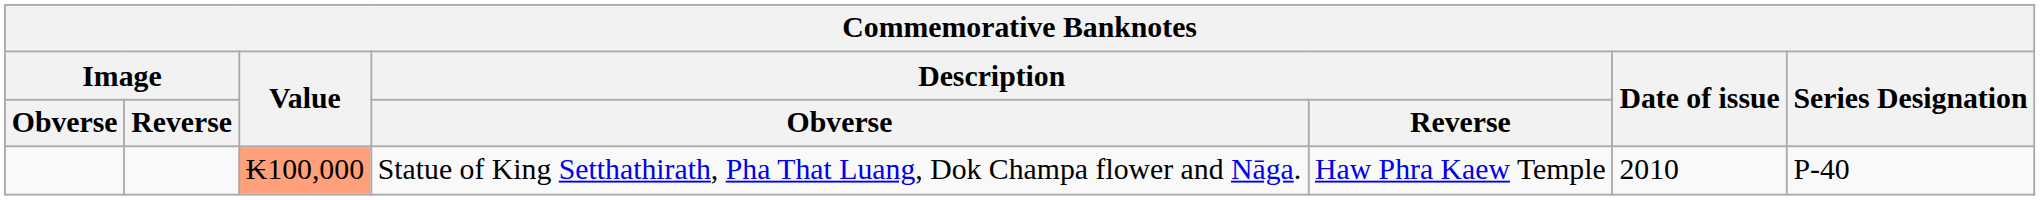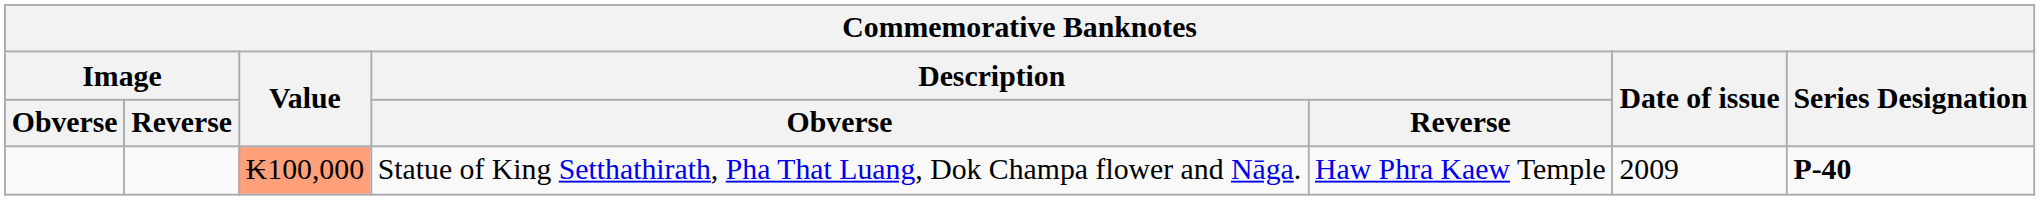 <table class="wikitable" style="font-size: 100%">
 <tr>
 <th colspan="10">Commemorative Banknotes</th>
 </tr>
 <tr>
 <th colspan="2">Image</th>
 <th rowspan="2">Value</th>
 <th colspan="2">Description</th>
 <th rowspan="2">Date of issue</th>
 <th rowspan="2">Series Designation</th>
 </tr>
 <tr>
 <th>Obverse</th>
 <th>Reverse</th>
 <th>Obverse</th>
 <th>Reverse</th>
 </tr>
 <tr>
 <td></td>
 <td></td>
 <td style="background: lightsalmon;">₭100,000</td>
 <td>Statue of King <a href='#'>Setthathirath</a>, <a href='#'>Pha That Luang</a>, Dok Champa flower and <a href='#'>Nāga</a>.</td>
 <td><a href='#'>Haw Phra Kaew</a> Temple</td>
-<td>2010</td>
-<td>P-40</td>
+<td>2009</td>
+<td><strong>P-40</strong></td>
 </tr>
 </table>
